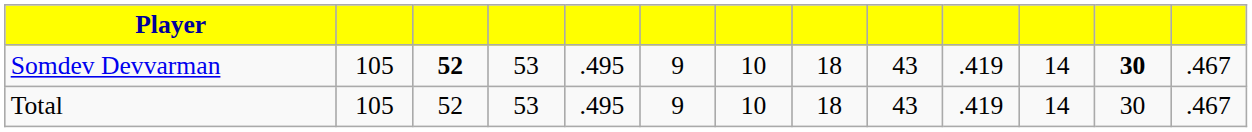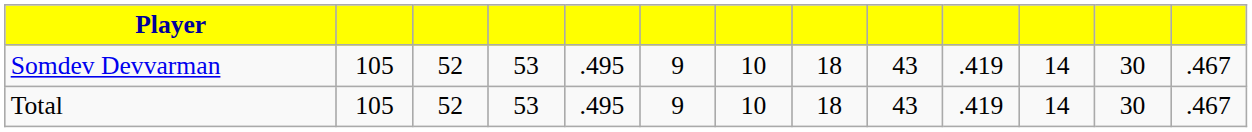 <table class="wikitable" style="text-align:center">
 <tr>
 <th style="background:yellow; color:#00009C" width="200px">Player</th>
 <th style="background:yellow; color:#00009C" width="40px"></th>
 <th style="background:yellow; color:#00009C" width="40px"></th>
 <th style="background:yellow; color:#00009C" width="40px"></th>
 <th style="background:yellow; color:#00009C" width="40px"></th>
 <th style="background:yellow; color:#00009C" width="40px"></th>
 <th style="background:yellow; color:#00009C" width="40px"></th>
 <th style="background:yellow; color:#00009C" width="40px"></th>
 <th style="background:yellow; color:#00009C" width="40px"></th>
 <th style="background:yellow; color:#00009C" width="40px"></th>
 <th style="background:yellow; color:#00009C" width="40px"></th>
 <th style="background:yellow; color:#00009C" width="40px"></th>
 <th style="background:yellow; color:#00009C" width="40px"></th>
 </tr>
 <tr>
 <td style="text-align:left"><a href='#'>Somdev Devvarman</a></td>
 <td>105</td>
-<td><strong>52</strong></td>
+<td>52</td>
 <td>53</td>
 <td>.495</td>
 <td>9</td>
 <td>10</td>
 <td>18</td>
 <td>43</td>
 <td>.419</td>
 <td>14</td>
-<td><strong>30</strong></td>
+<td>30</td>
 <td>.467</td>
 </tr>
 <tr>
 <td style="text-align:left">Total</td>
 <td>105</td>
 <td>52</td>
 <td>53</td>
 <td>.495</td>
 <td>9</td>
 <td>10</td>
 <td>18</td>
 <td>43</td>
 <td>.419</td>
 <td>14</td>
 <td>30</td>
 <td>.467</td>
 </tr>
 </table>
